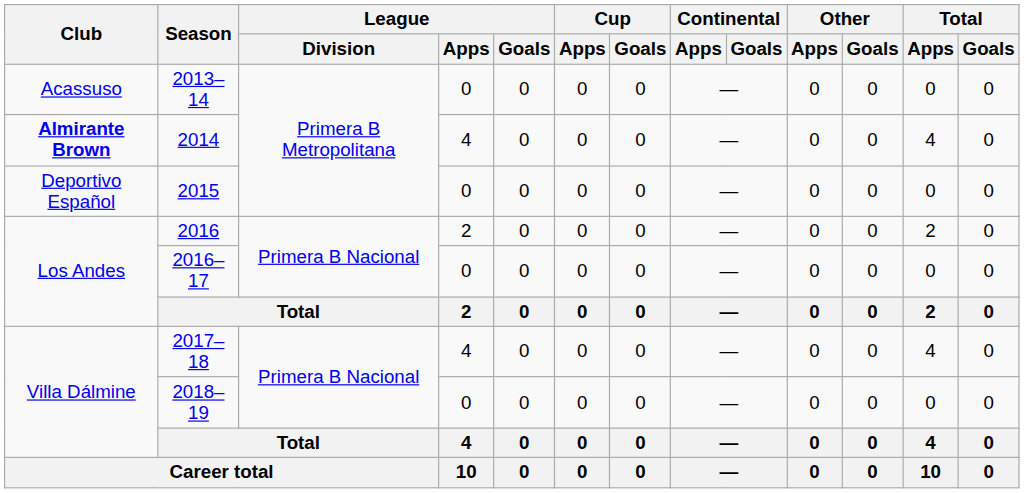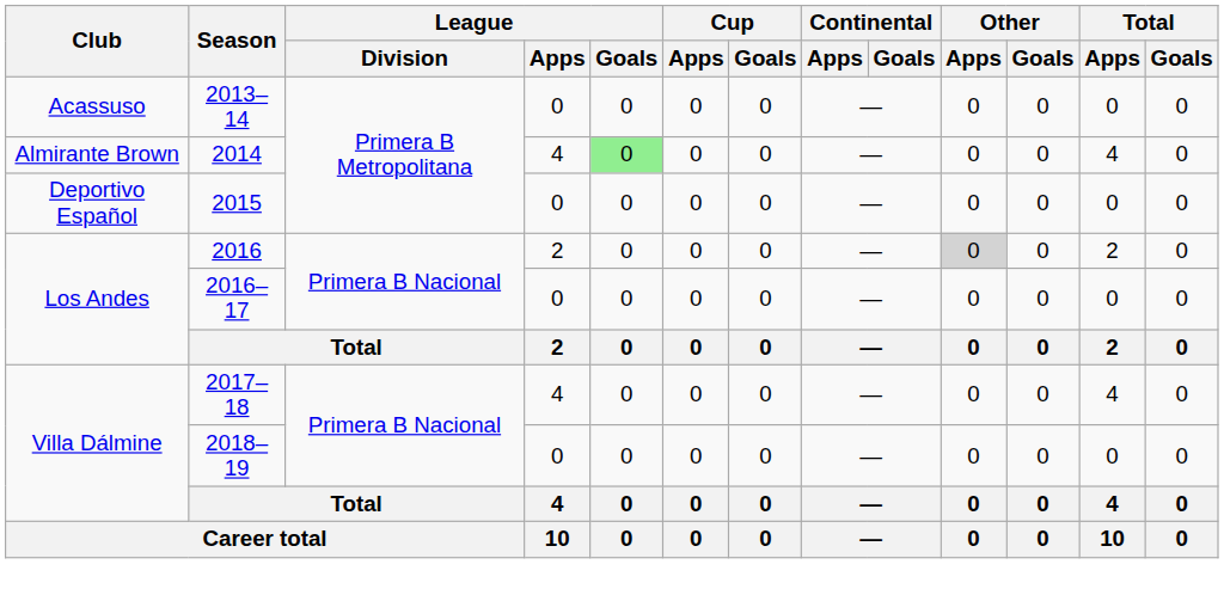 <table class="wikitable" style="text-align:center">
 <tr>
 <th rowspan="2">Club</th>
 <th rowspan="2">Season</th>
 <th colspan="3">League</th>
 <th colspan="2">Cup</th>
 <th colspan="2">Continental</th>
 <th colspan="2">Other</th>
 <th colspan="2">Total</th>
 </tr>
 <tr>
 <th>Division</th>
 <th>Apps</th>
 <th>Goals</th>
 <th>Apps</th>
 <th>Goals</th>
 <th>Apps</th>
 <th>Goals</th>
 <th>Apps</th>
 <th>Goals</th>
 <th>Apps</th>
 <th>Goals</th>
 </tr>
 <tr>
 <td rowspan="1"><a href='#'>Acassuso</a></td>
 <td><a href='#'>2013–14</a></td>
 <td rowspan="3"><a href='#'>Primera B Metropolitana</a></td>
 <td>0</td>
 <td>0</td>
 <td>0</td>
 <td>0</td>
 <td colspan="2">—</td>
 <td>0</td>
 <td>0</td>
 <td>0</td>
 <td>0</td>
 </tr>
 <tr>
-<td rowspan="1"><strong><a href='#'>Almirante Brown</a></strong></td>
+<td rowspan="1"><a href='#'>Almirante Brown</a></td>
 <td><a href='#'>2014</a></td>
 <td>4</td>
-<td>0</td>
+<td style="background: lightgreen;">0</td>
 <td>0</td>
 <td>0</td>
 <td colspan="2">—</td>
 <td>0</td>
 <td>0</td>
 <td>4</td>
 <td>0</td>
 </tr>
 <tr>
 <td rowspan="1"><a href='#'>Deportivo Español</a></td>
 <td><a href='#'>2015</a></td>
 <td>0</td>
 <td>0</td>
 <td>0</td>
 <td>0</td>
 <td colspan="2">—</td>
 <td>0</td>
 <td>0</td>
 <td>0</td>
 <td>0</td>
 </tr>
 <tr>
 <td rowspan="3"><a href='#'>Los Andes</a></td>
 <td><a href='#'>2016</a></td>
 <td rowspan="2"><a href='#'>Primera B Nacional</a></td>
 <td>2</td>
 <td>0</td>
 <td>0</td>
 <td>0</td>
 <td colspan="2">—</td>
-<td>0</td>
+<td style="background: lightgrey;">0</td>
 <td>0</td>
 <td>2</td>
 <td>0</td>
 </tr>
 <tr>
 <td><a href='#'>2016–17</a></td>
 <td>0</td>
 <td>0</td>
 <td>0</td>
 <td>0</td>
 <td colspan="2">—</td>
 <td>0</td>
 <td>0</td>
 <td>0</td>
 <td>0</td>
 </tr>
 <tr>
 <th colspan="2">Total</th>
 <th>2</th>
 <th>0</th>
 <th>0</th>
 <th>0</th>
 <th colspan="2">—</th>
 <th>0</th>
 <th>0</th>
 <th>2</th>
 <th>0</th>
 </tr>
 <tr>
 <td rowspan="3"><a href='#'>Villa Dálmine</a></td>
 <td><a href='#'>2017–18</a></td>
 <td rowspan="2"><a href='#'>Primera B Nacional</a></td>
 <td>4</td>
 <td>0</td>
 <td>0</td>
 <td>0</td>
 <td colspan="2">—</td>
 <td>0</td>
 <td>0</td>
 <td>4</td>
 <td>0</td>
 </tr>
 <tr>
 <td><a href='#'>2018–19</a></td>
 <td>0</td>
 <td>0</td>
 <td>0</td>
 <td>0</td>
 <td colspan="2">—</td>
 <td>0</td>
 <td>0</td>
 <td>0</td>
 <td>0</td>
 </tr>
 <tr>
 <th colspan="2">Total</th>
 <th>4</th>
 <th>0</th>
 <th>0</th>
 <th>0</th>
 <th colspan="2">—</th>
 <th>0</th>
 <th>0</th>
 <th>4</th>
 <th>0</th>
 </tr>
 <tr>
 <th colspan="3">Career total</th>
 <th>10</th>
 <th>0</th>
 <th>0</th>
 <th>0</th>
 <th colspan="2">—</th>
 <th>0</th>
 <th>0</th>
 <th>10</th>
 <th>0</th>
 </tr>
 </table>
